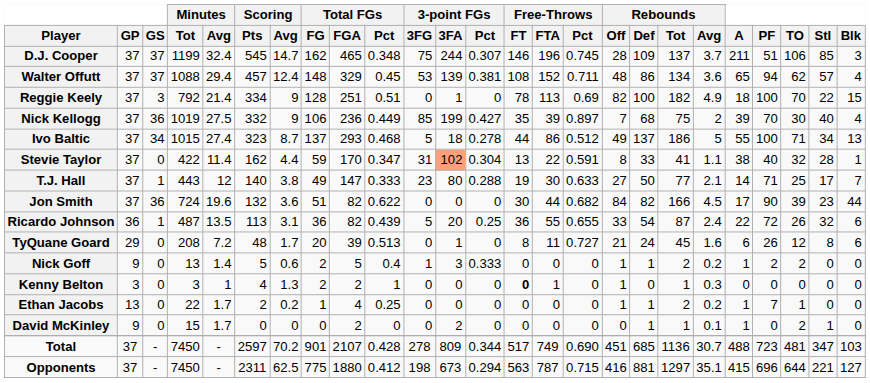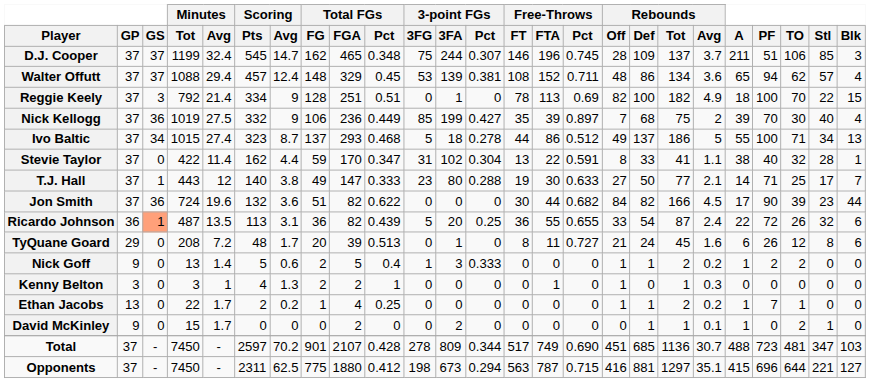 <table class="wikitable sortable" border="1" style="font-size:90%;">
 <tr>
 <th colspan="3" style="border-top-style:hidden; border-left-style:hidden; background: white;"></th>
 <th colspan="2" style=>Minutes</th>
 <th colspan="2" style=>Scoring</th>
 <th colspan="3" style=>Total FGs</th>
 <th colspan="3" style=>3-point FGs</th>
 <th colspan="3" style=>Free-Throws</th>
 <th colspan="4" style=>Rebounds</th>
 <th colspan="5" style="border-top-style:hidden; border-right-style:hidden; background: white;"></th>
 </tr>
 <tr>
 <th scope="col" style=>Player</th>
 <th scope="col" style=>GP</th>
 <th scope="col" style=>GS</th>
 <th scope="col" style=>Tot</th>
 <th scope="col" style=>Avg</th>
 <th scope="col" style=>Pts</th>
 <th scope="col" style=>Avg</th>
 <th scope="col" style=>FG</th>
 <th scope="col" style=>FGA</th>
 <th scope="col" style=>Pct</th>
 <th scope="col" style=>3FG</th>
 <th scope="col" style=>3FA</th>
 <th scope="col" style=>Pct</th>
 <th scope="col" style=>FT</th>
 <th scope="col" style=>FTA</th>
 <th scope="col" style=>Pct</th>
 <th scope="col" style=>Off</th>
 <th scope="col" style=>Def</th>
 <th scope="col" style=>Tot</th>
 <th scope="col" style=>Avg</th>
 <th scope="col" style=>A</th>
 <th scope="col" style=>PF</th>
 <th scope="col" style=>TO</th>
 <th scope="col" style=>Stl</th>
 <th scope="col" style=>Blk</th>
 </tr>
 <tr>
 <th>D.J. Cooper</th>
 <td align="right">37</td>
 <td align="right">37</td>
 <td align="right">1199</td>
 <td align="right">32.4</td>
 <td align="right">545</td>
 <td align="right">14.7</td>
 <td align="right">162</td>
 <td align="right">465</td>
 <td align="right">0.348</td>
 <td align="right">75</td>
 <td align="right">244</td>
 <td align="right">0.307</td>
 <td align="right">146</td>
 <td align="right">196</td>
 <td align="right">0.745</td>
 <td align="right">28</td>
 <td align="right">109</td>
 <td align="right">137</td>
 <td align="right">3.7</td>
 <td align="right">211</td>
 <td align="right">51</td>
 <td align="right">106</td>
 <td align="right">85</td>
 <td align="right">3</td>
 </tr>
 <tr>
 <th>Walter Offutt</th>
 <td align="right">37</td>
 <td align="right">37</td>
 <td align="right">1088</td>
 <td align="right">29.4</td>
 <td align="right">457</td>
 <td align="right">12.4</td>
 <td align="right">148</td>
 <td align="right">329</td>
 <td align="right">0.45</td>
 <td align="right">53</td>
 <td align="right">139</td>
 <td align="right">0.381</td>
 <td align="right">108</td>
 <td align="right">152</td>
 <td align="right">0.711</td>
 <td align="right">48</td>
 <td align="right">86</td>
 <td align="right">134</td>
 <td align="right">3.6</td>
 <td align="right">65</td>
 <td align="right">94</td>
 <td align="right">62</td>
 <td align="right">57</td>
 <td align="right">4</td>
 </tr>
 <tr>
 <th>Reggie Keely</th>
 <td align="right">37</td>
 <td align="right">3</td>
 <td align="right">792</td>
 <td align="right">21.4</td>
 <td align="right">334</td>
 <td align="right">9</td>
 <td align="right">128</td>
 <td align="right">251</td>
 <td align="right">0.51</td>
 <td align="right">0</td>
 <td align="right">1</td>
 <td align="right">0</td>
 <td align="right">78</td>
 <td align="right">113</td>
 <td align="right">0.69</td>
 <td align="right">82</td>
 <td align="right">100</td>
 <td align="right">182</td>
 <td align="right">4.9</td>
 <td align="right">18</td>
 <td align="right">100</td>
 <td align="right">70</td>
 <td align="right">22</td>
 <td align="right">15</td>
 </tr>
 <tr>
 <th>Nick Kellogg</th>
 <td align="right">37</td>
 <td align="right">36</td>
 <td align="right">1019</td>
 <td align="right">27.5</td>
 <td align="right">332</td>
 <td align="right">9</td>
 <td align="right">106</td>
 <td align="right">236</td>
 <td align="right">0.449</td>
 <td align="right">85</td>
 <td align="right">199</td>
 <td align="right">0.427</td>
 <td align="right">35</td>
 <td align="right">39</td>
 <td align="right">0.897</td>
 <td align="right">7</td>
 <td align="right">68</td>
 <td align="right">75</td>
 <td align="right">2</td>
 <td align="right">39</td>
 <td align="right">70</td>
 <td align="right">30</td>
 <td align="right">40</td>
 <td align="right">4</td>
 </tr>
 <tr>
 <th>Ivo Baltic</th>
 <td align="right">37</td>
 <td align="right">34</td>
 <td align="right">1015</td>
 <td align="right">27.4</td>
 <td align="right">323</td>
 <td align="right">8.7</td>
 <td align="right">137</td>
 <td align="right">293</td>
 <td align="right">0.468</td>
 <td align="right">5</td>
 <td align="right">18</td>
 <td align="right">0.278</td>
 <td align="right">44</td>
 <td align="right">86</td>
 <td align="right">0.512</td>
 <td align="right">49</td>
 <td align="right">137</td>
 <td align="right">186</td>
 <td align="right">5</td>
 <td align="right">55</td>
 <td align="right">100</td>
 <td align="right">71</td>
 <td align="right">34</td>
 <td align="right">13</td>
 </tr>
 <tr>
 <th>Stevie Taylor</th>
 <td align="right">37</td>
 <td align="right">0</td>
 <td align="right">422</td>
 <td align="right">11.4</td>
 <td align="right">162</td>
 <td align="right">4.4</td>
 <td align="right">59</td>
 <td align="right">170</td>
 <td align="right">0.347</td>
 <td align="right">31</td>
-<td align="right" style="background: lightsalmon;">102</td>
+<td align="right">102</td>
 <td align="right">0.304</td>
 <td align="right">13</td>
 <td align="right">22</td>
 <td align="right">0.591</td>
 <td align="right">8</td>
 <td align="right">33</td>
 <td align="right">41</td>
 <td align="right">1.1</td>
 <td align="right">38</td>
 <td align="right">40</td>
 <td align="right">32</td>
 <td align="right">28</td>
 <td align="right">1</td>
 </tr>
 <tr>
 <th>T.J. Hall</th>
 <td align="right">37</td>
 <td align="right">1</td>
 <td align="right">443</td>
 <td align="right">12</td>
 <td align="right">140</td>
 <td align="right">3.8</td>
 <td align="right">49</td>
 <td align="right">147</td>
 <td align="right">0.333</td>
 <td align="right">23</td>
 <td align="right">80</td>
 <td align="right">0.288</td>
 <td align="right">19</td>
 <td align="right">30</td>
 <td align="right">0.633</td>
 <td align="right">27</td>
 <td align="right">50</td>
 <td align="right">77</td>
 <td align="right">2.1</td>
 <td align="right">14</td>
 <td align="right">71</td>
 <td align="right">25</td>
 <td align="right">17</td>
 <td align="right">7</td>
 </tr>
 <tr>
 <th>Jon Smith</th>
 <td align="right">37</td>
 <td align="right">36</td>
 <td align="right">724</td>
 <td align="right">19.6</td>
 <td align="right">132</td>
 <td align="right">3.6</td>
 <td align="right">51</td>
 <td align="right">82</td>
 <td align="right">0.622</td>
 <td align="right">0</td>
 <td align="right">0</td>
 <td align="right">0</td>
 <td align="right">30</td>
 <td align="right">44</td>
 <td align="right">0.682</td>
 <td align="right">84</td>
 <td align="right">82</td>
 <td align="right">166</td>
 <td align="right">4.5</td>
 <td align="right">17</td>
 <td align="right">90</td>
 <td align="right">39</td>
 <td align="right">23</td>
 <td align="right">44</td>
 </tr>
 <tr>
 <th>Ricardo Johnson</th>
 <td align="right">36</td>
-<td align="right">1</td>
+<td align="right" style="background: lightsalmon;">1</td>
 <td align="right">487</td>
 <td align="right">13.5</td>
 <td align="right">113</td>
 <td align="right">3.1</td>
 <td align="right">36</td>
 <td align="right">82</td>
 <td align="right">0.439</td>
 <td align="right">5</td>
 <td align="right">20</td>
 <td align="right">0.25</td>
 <td align="right">36</td>
 <td align="right">55</td>
 <td align="right">0.655</td>
 <td align="right">33</td>
 <td align="right">54</td>
 <td align="right">87</td>
 <td align="right">2.4</td>
 <td align="right">22</td>
 <td align="right">72</td>
 <td align="right">26</td>
 <td align="right">32</td>
 <td align="right">6</td>
 </tr>
 <tr>
 <th>TyQuane Goard</th>
 <td align="right">29</td>
 <td align="right">0</td>
 <td align="right">208</td>
 <td align="right">7.2</td>
 <td align="right">48</td>
 <td align="right">1.7</td>
 <td align="right">20</td>
 <td align="right">39</td>
 <td align="right">0.513</td>
 <td align="right">0</td>
 <td align="right">1</td>
 <td align="right">0</td>
 <td align="right">8</td>
 <td align="right">11</td>
 <td align="right">0.727</td>
 <td align="right">21</td>
 <td align="right">24</td>
 <td align="right">45</td>
 <td align="right">1.6</td>
 <td align="right">6</td>
 <td align="right">26</td>
 <td align="right">12</td>
 <td align="right">8</td>
 <td align="right">6</td>
 </tr>
 <tr>
 <th>Nick Goff</th>
 <td align="right">9</td>
 <td align="right">0</td>
 <td align="right">13</td>
 <td align="right">1.4</td>
 <td align="right">5</td>
 <td align="right">0.6</td>
 <td align="right">2</td>
 <td align="right">5</td>
 <td align="right">0.4</td>
 <td align="right">1</td>
 <td align="right">3</td>
 <td align="right">0.333</td>
 <td align="right">0</td>
 <td align="right">0</td>
 <td align="right">0</td>
 <td align="right">1</td>
 <td align="right">1</td>
 <td align="right">2</td>
 <td align="right">0.2</td>
 <td align="right">1</td>
 <td align="right">2</td>
 <td align="right">2</td>
 <td align="right">0</td>
 <td align="right">0</td>
 </tr>
 <tr>
 <th>Kenny Belton</th>
 <td align="right">3</td>
 <td align="right">0</td>
 <td align="right">3</td>
 <td align="right">1</td>
 <td align="right">4</td>
 <td align="right">1.3</td>
 <td align="right">2</td>
 <td align="right">2</td>
 <td align="right">1</td>
 <td align="right">0</td>
 <td align="right">0</td>
 <td align="right">0</td>
-<td align="right"><strong>0</strong></td>
+<td align="right">0</td>
 <td align="right">1</td>
 <td align="right">0</td>
 <td align="right">1</td>
 <td align="right">0</td>
 <td align="right">1</td>
 <td align="right">0.3</td>
 <td align="right">0</td>
 <td align="right">0</td>
 <td align="right">0</td>
 <td align="right">0</td>
 <td align="right">0</td>
 </tr>
 <tr>
 <th>Ethan Jacobs</th>
 <td align="right">13</td>
 <td align="right">0</td>
 <td align="right">22</td>
 <td align="right">1.7</td>
 <td align="right">2</td>
 <td align="right">0.2</td>
 <td align="right">1</td>
 <td align="right">4</td>
 <td align="right">0.25</td>
 <td align="right">0</td>
 <td align="right">0</td>
 <td align="right">0</td>
 <td align="right">0</td>
 <td align="right">0</td>
 <td align="right">0</td>
 <td align="right">1</td>
 <td align="right">1</td>
 <td align="right">2</td>
 <td align="right">0.2</td>
 <td align="right">1</td>
 <td align="right">7</td>
 <td align="right">1</td>
 <td align="right">0</td>
 <td align="right">0</td>
 </tr>
 <tr>
 <th>David McKinley</th>
 <td align="right">9</td>
 <td align="right">0</td>
 <td align="right">15</td>
 <td align="right">1.7</td>
 <td align="right">0</td>
 <td align="right">0</td>
 <td align="right">0</td>
 <td align="right">2</td>
 <td align="right">0</td>
 <td align="right">0</td>
 <td align="right">2</td>
 <td align="right">0</td>
 <td align="right">0</td>
 <td align="right">0</td>
 <td align="right">0</td>
 <td align="right">0</td>
 <td align="right">1</td>
 <td align="right">1</td>
 <td align="right">0.1</td>
 <td align="right">1</td>
 <td align="right">0</td>
 <td align="right">2</td>
 <td align="right">1</td>
 <td align="right">0</td>
 </tr>
 <tr>
 </tr>
 <tr class="sortbottom">
 <td align="center" style=><strong>Total</strong></td>
 <td align="center" style=>37</td>
 <td align="center" style=>-</td>
 <td align="center" style=>7450</td>
 <td align="center" style=>-</td>
 <td align="center" style=>2597</td>
 <td align="center" style=>70.2</td>
 <td align="center" style=>901</td>
 <td align="center" style=>2107</td>
 <td align="center" style=>0.428</td>
 <td align="center" style=>278</td>
 <td align="center" style=>809</td>
 <td align="center" style=>0.344</td>
 <td align="center" style=>517</td>
 <td align="center" style=>749</td>
 <td align="center" style=>0.690</td>
 <td align="center" style=>451</td>
 <td align="center" style=>685</td>
 <td align="center" style=>1136</td>
 <td align="center" style=>30.7</td>
 <td align="center" style=>488</td>
 <td align="center" style=>723</td>
 <td align="center" style=>481</td>
 <td align="center" style=>347</td>
 <td align="center" style=>103</td>
 </tr>
 <tr class="sortbottom">
 <td align="center"><strong>Opponents</strong></td>
 <td align="center">37</td>
 <td align="center">-</td>
 <td align="center">7450</td>
 <td align="center">-</td>
 <td align="center">2311</td>
 <td align="center">62.5</td>
 <td align="center">775</td>
 <td align="center">1880</td>
 <td align="center">0.412</td>
 <td align="center">198</td>
 <td align="center">673</td>
 <td align="center">0.294</td>
 <td align="center">563</td>
 <td align="center">787</td>
 <td align="center">0.715</td>
 <td align="center">416</td>
 <td align="center">881</td>
 <td align="center">1297</td>
 <td align="center">35.1</td>
 <td align="center">415</td>
 <td align="center">696</td>
 <td align="center">644</td>
 <td align="center">221</td>
 <td align="center">127</td>
 </tr>
 </table>
